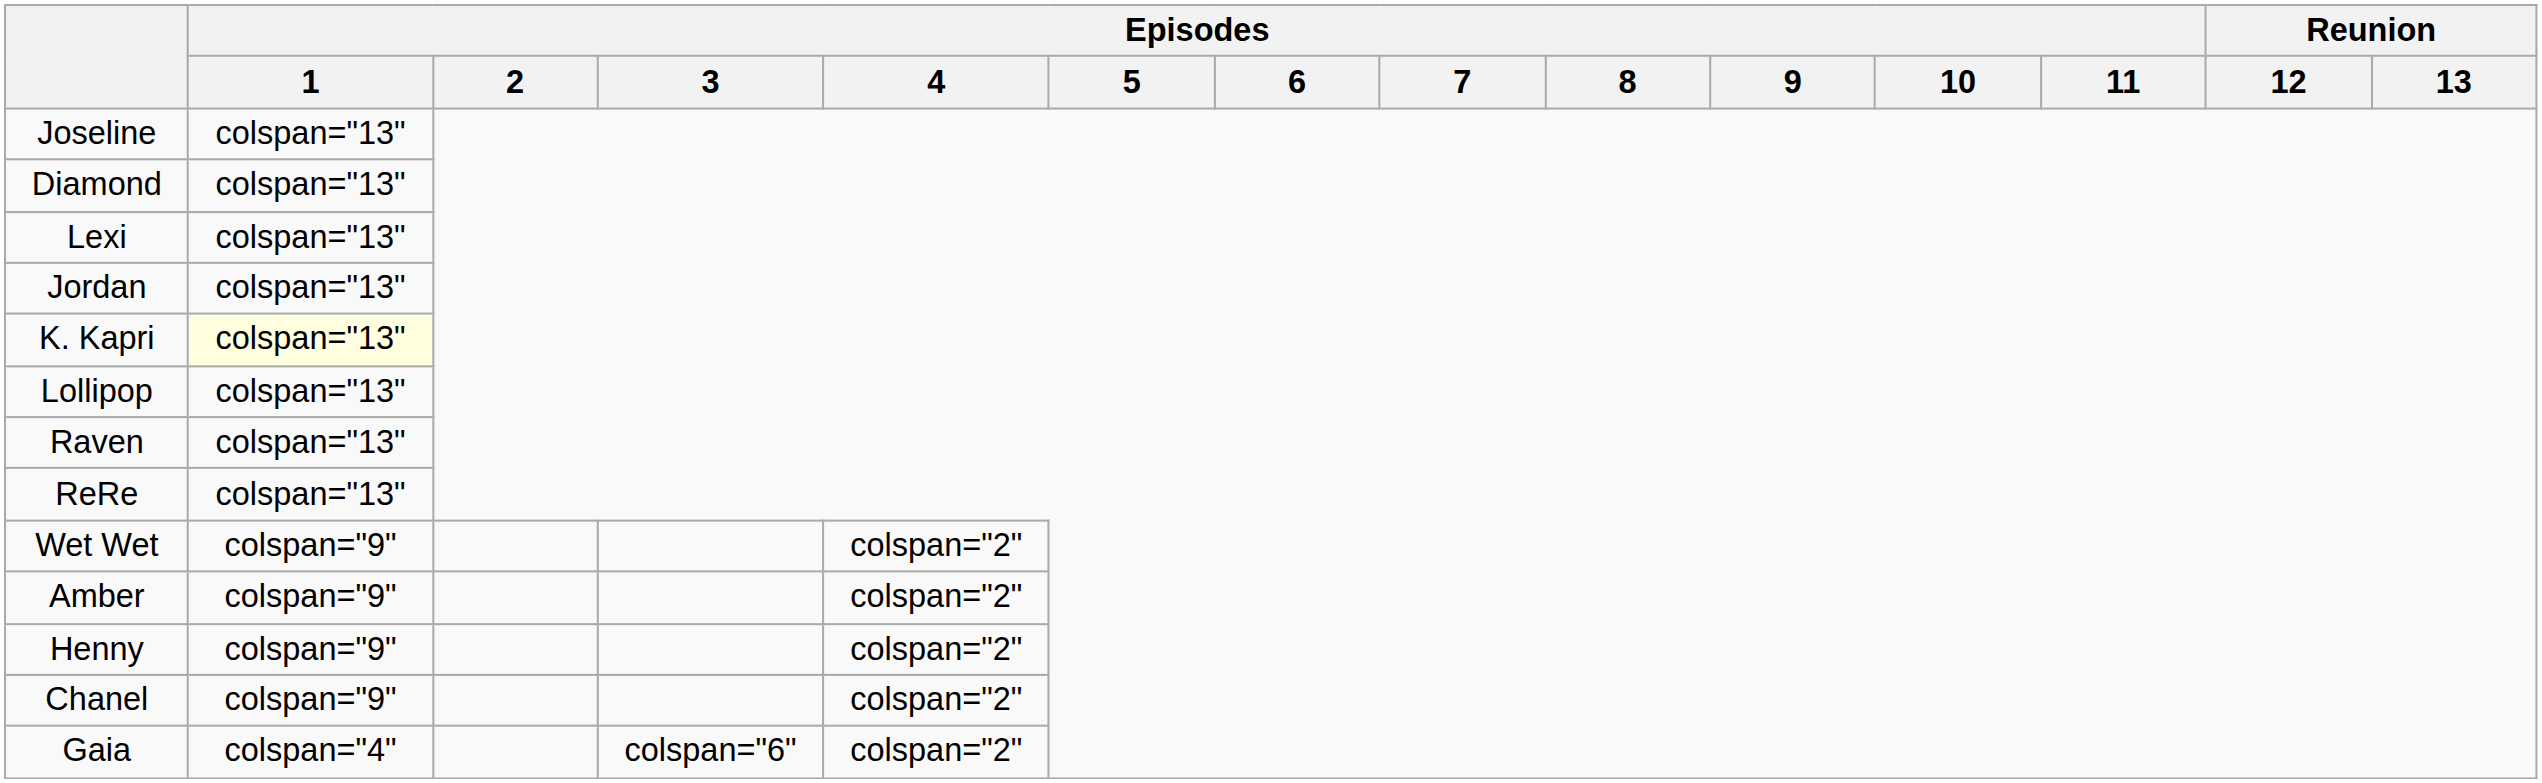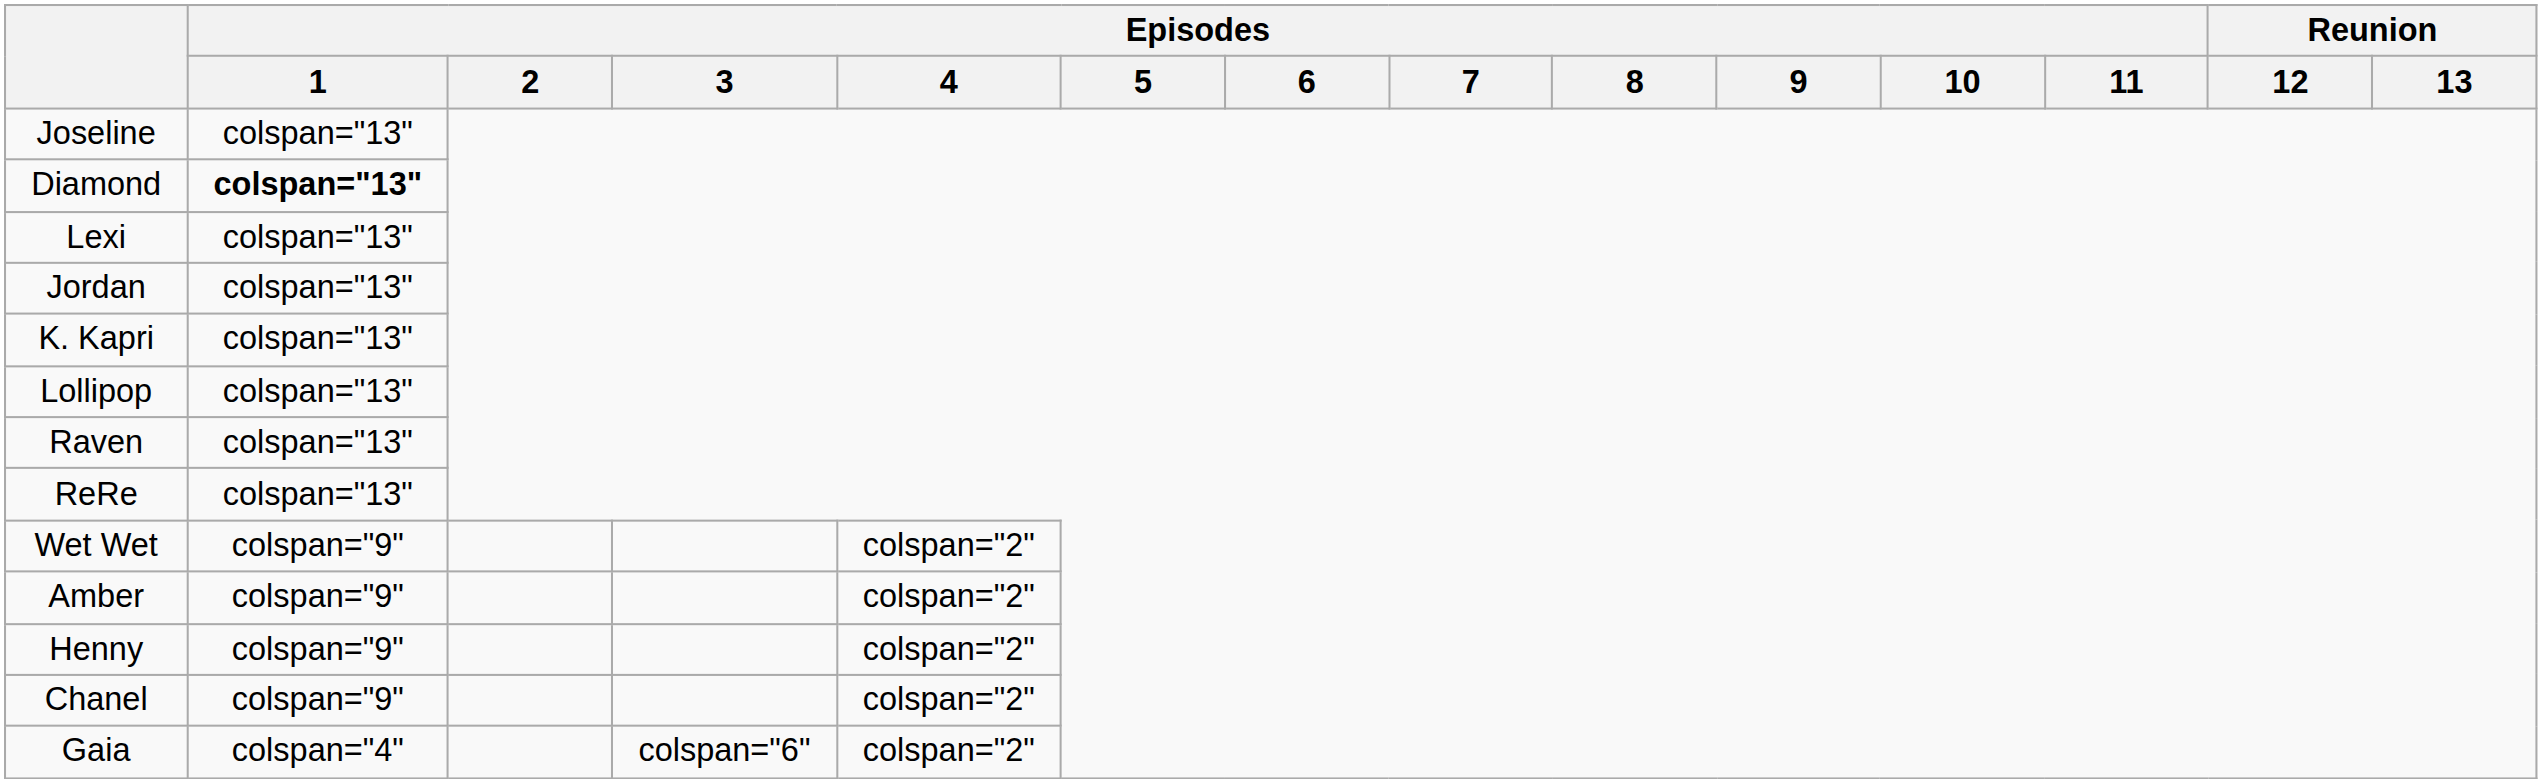 <table class="wikitable plainrowheaders" style="text-align:center;">
 <tr>
 <th scope="col" rowspan="2" style="width:5%;"></th>
 <th scope="col" colspan="11">Episodes</th>
 <th scope="col" colspan="2">Reunion</th>
 </tr>
 <tr>
 <th style="width:5%;">1</th>
 <th style="width:5%;">2</th>
 <th style="width:5%;">3</th>
 <th style="width:5%;">4</th>
 <th style="width:5%;">5</th>
 <th style="width:5%;">6</th>
 <th style="width:5%;">7</th>
 <th style="width:5%;">8</th>
 <th style="width:5%;">9</th>
 <th style="width:5%;">10</th>
 <th style="width:5%;">11</th>
 <th style="width:5%;">12</th>
 <th style="width:5%;">13</th>
 </tr>
 <tr>
 <td scope="row">Joseline</td>
 <td>colspan="13" </td>
 </tr>
 <tr>
 <td scope="row">Diamond</td>
-<td>colspan="13" </td>
+<td><strong>colspan="13" </strong></td>
 </tr>
 <tr>
 <td scope="row">Lexi</td>
 <td>colspan="13" </td>
 </tr>
 <tr>
 <td scope="row">Jordan</td>
 <td>colspan="13" </td>
 </tr>
 <tr>
 <td scope="row">K. Kapri</td>
-<td style="background: lightyellow;">colspan="13" </td>
+<td>colspan="13" </td>
 </tr>
 <tr>
 <td scope="row">Lollipop</td>
 <td>colspan="13" </td>
 </tr>
 <tr>
 <td scope="row">Raven</td>
 <td>colspan="13" </td>
 </tr>
 <tr>
 <td scope="row">ReRe</td>
 <td>colspan="13" </td>
 </tr>
 <tr>
 <td scope="row">Wet Wet</td>
 <td>colspan="9" </td>
 <td></td>
 <td></td>
 <td>colspan="2" </td>
 </tr>
 <tr>
 <td scope="row">Amber</td>
 <td>colspan="9" </td>
 <td></td>
 <td></td>
 <td>colspan="2" </td>
 </tr>
 <tr>
 <td scope="row">Henny</td>
 <td>colspan="9" </td>
 <td></td>
 <td></td>
 <td>colspan="2" </td>
 </tr>
 <tr>
 <td scope="row">Chanel</td>
 <td>colspan="9" </td>
 <td></td>
 <td></td>
 <td>colspan="2" </td>
 </tr>
 <tr>
 <td scope="row">Gaia</td>
 <td>colspan="4" </td>
 <td></td>
 <td>colspan="6" </td>
 <td>colspan="2" </td>
 </tr>
 </table>
